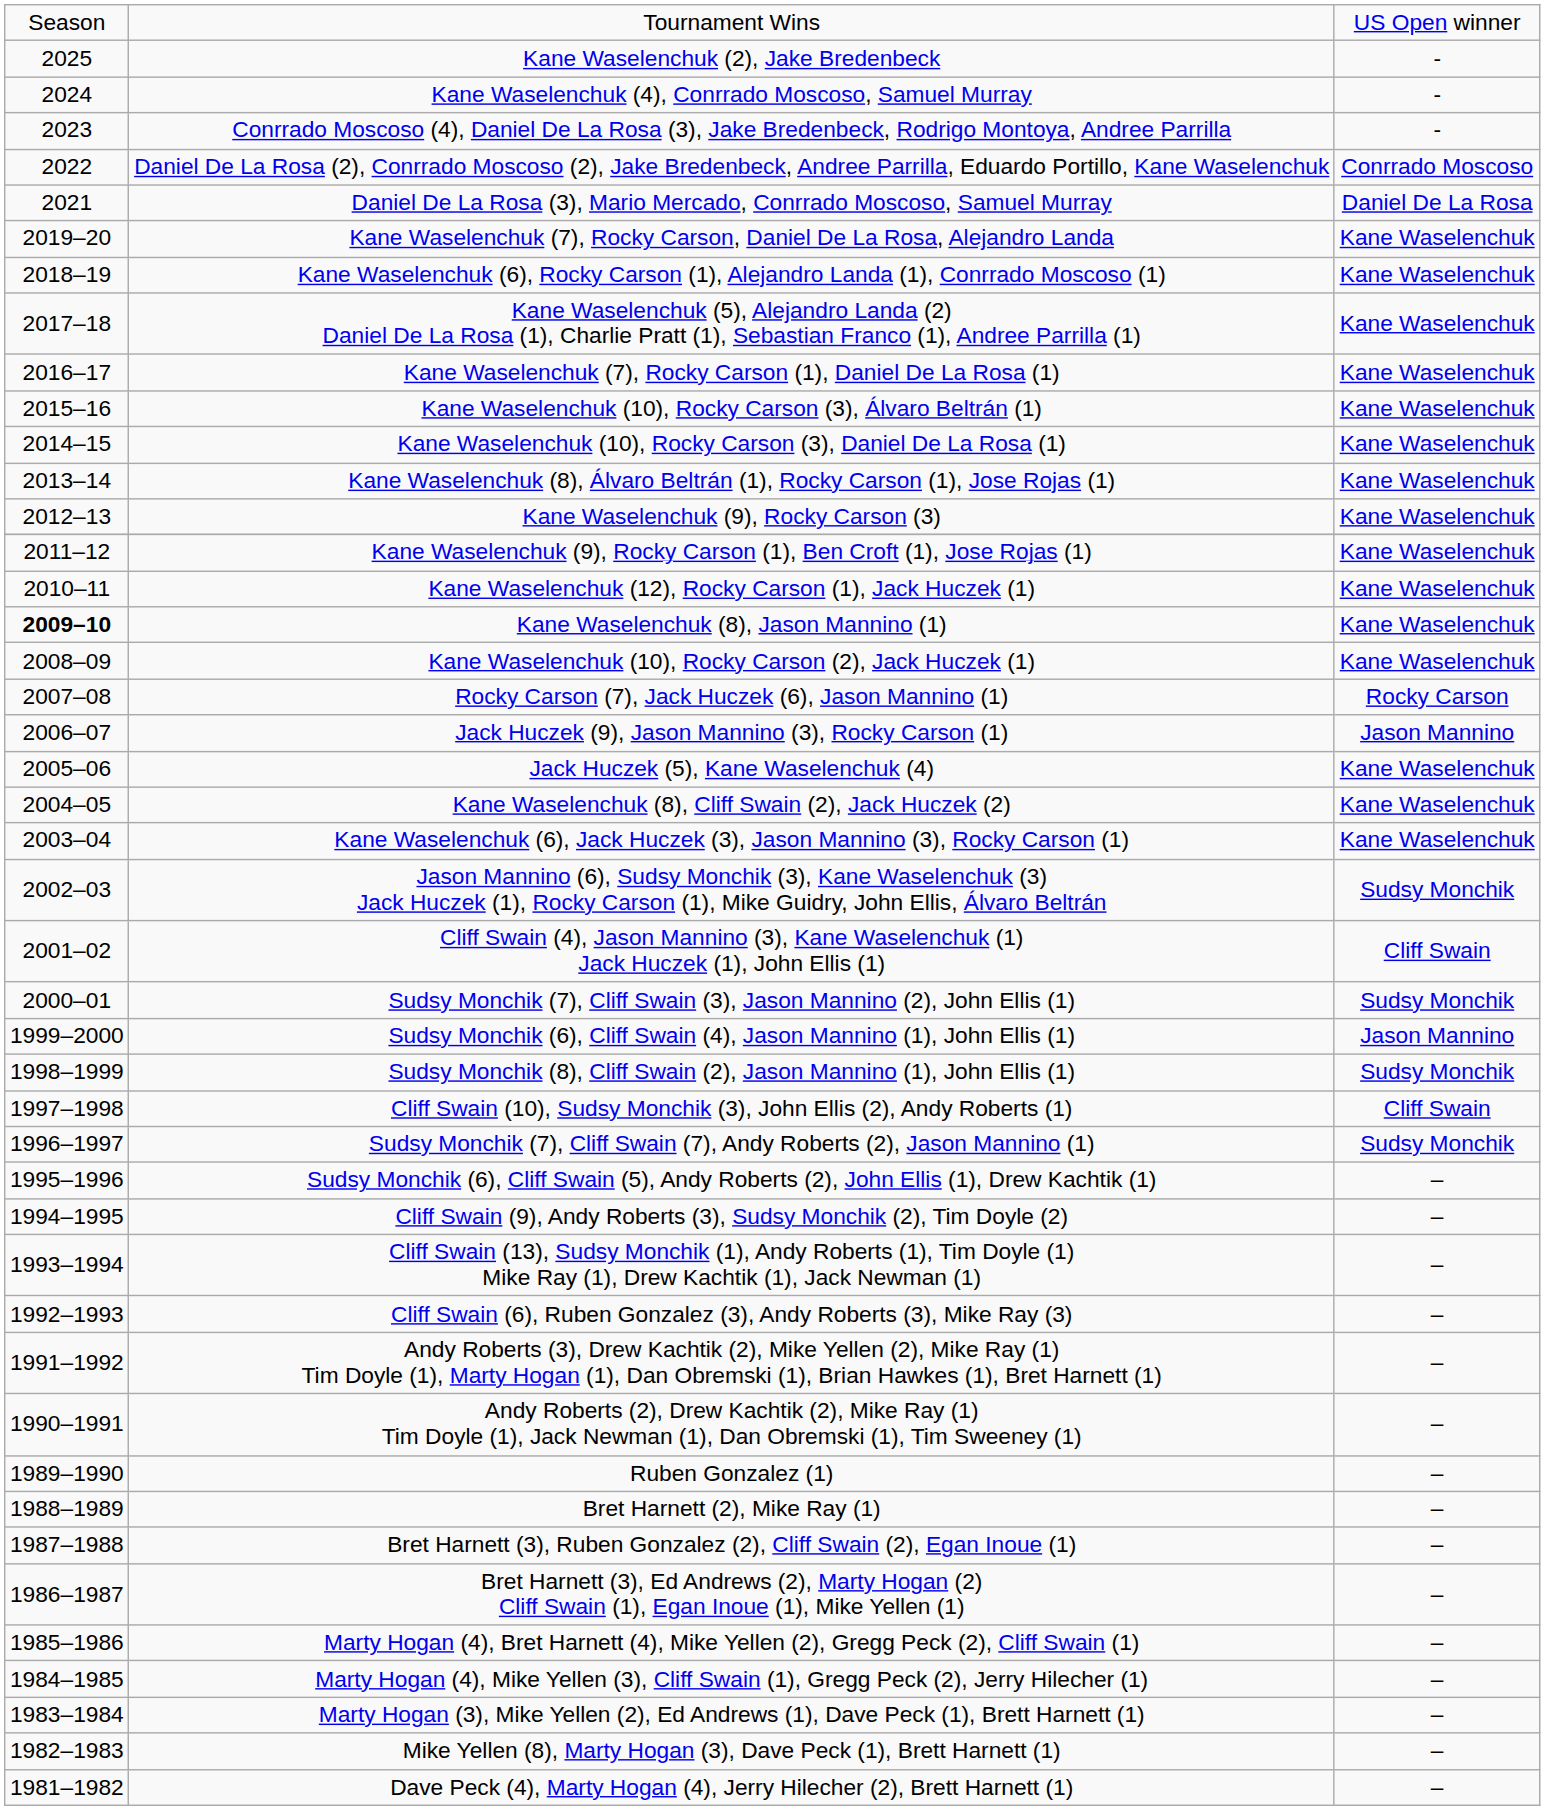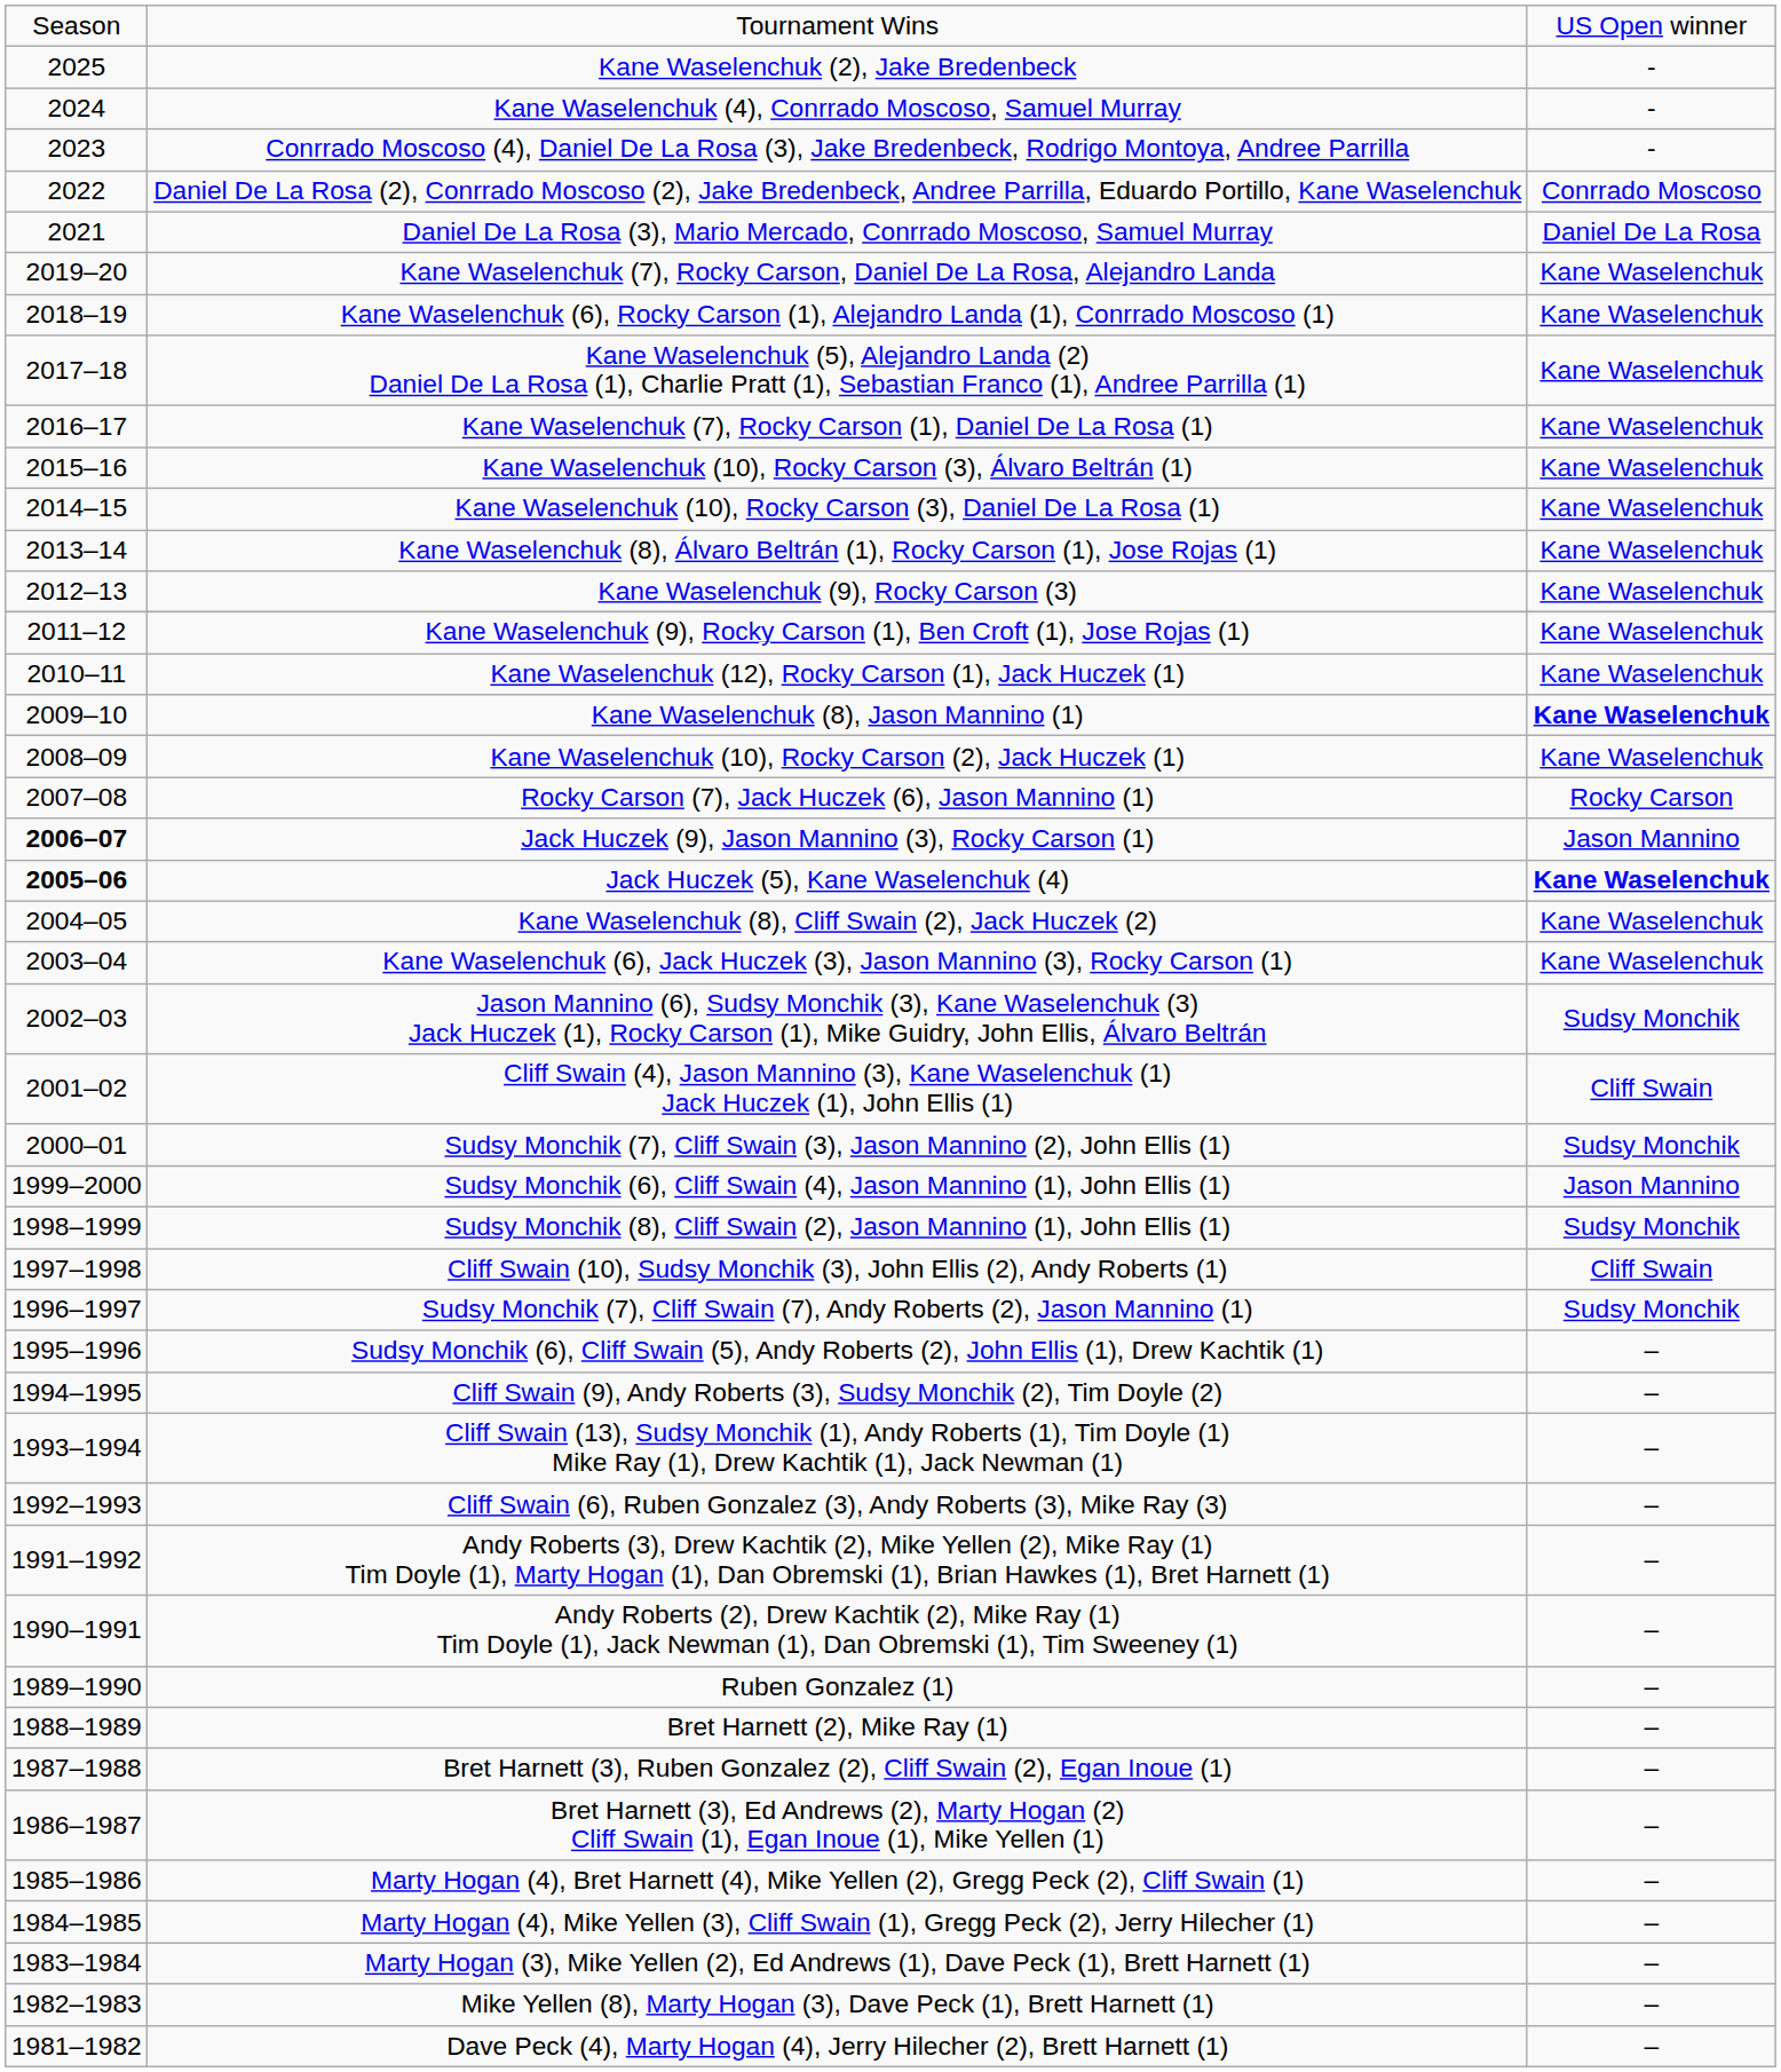 <table class="wikitable" | border="1" cellpadding="5" cellspacing="0">
 <tr>
 <td align=center>Season</td>
 <td align=center>Tournament Wins</td>
 <td align=center><a href='#'>US Open</a> winner</td>
 </tr>
 <tr>
 <td align=center>2025</td>
 <td align=center> <a href='#'>Kane Waselenchuk</a> (2),  <a href='#'>Jake Bredenbeck</a></td>
 <td align=center>-</td>
 </tr>
 <tr>
 <td align=center>2024</td>
 <td align=center> <a href='#'>Kane Waselenchuk</a> (4),  <a href='#'>Conrrado Moscoso</a>,  <a href='#'>Samuel Murray</a></td>
 <td align=center>-</td>
 </tr>
 <tr>
 <td align=center>2023</td>
 <td align=center> <a href='#'>Conrrado Moscoso</a> (4),  <a href='#'>Daniel De La Rosa</a> (3),  <a href='#'>Jake Bredenbeck</a>,  <a href='#'>Rodrigo Montoya</a>,  <a href='#'>Andree Parrilla</a></td>
 <td align=center>-</td>
 </tr>
 <tr>
 <td align=center>2022</td>
 <td align=center> <a href='#'>Daniel De La Rosa</a> (2),  <a href='#'>Conrrado Moscoso</a> (2),  <a href='#'>Jake Bredenbeck</a>,  <a href='#'>Andree Parrilla</a>,  Eduardo Portillo,  <a href='#'>Kane Waselenchuk</a></td>
 <td align=center> <a href='#'>Conrrado Moscoso</a></td>
 </tr>
 <tr>
 <td align=center>2021</td>
 <td align=center> <a href='#'>Daniel De La Rosa</a> (3),  <a href='#'>Mario Mercado</a>,  <a href='#'>Conrrado Moscoso</a>,  <a href='#'>Samuel Murray</a></td>
 <td align=center> <a href='#'>Daniel De La Rosa</a></td>
 </tr>
 <tr>
 <td align=center>2019–20</td>
 <td align=center> <a href='#'>Kane Waselenchuk</a> (7),  <a href='#'>Rocky Carson</a>,  <a href='#'>Daniel De La Rosa</a>,  <a href='#'>Alejandro Landa</a></td>
 <td align=center> <a href='#'>Kane Waselenchuk</a></td>
 </tr>
 <tr>
 <td align=center>2018–19</td>
 <td align=center> <a href='#'>Kane Waselenchuk</a> (6),  <a href='#'>Rocky Carson</a> (1),  <a href='#'>Alejandro Landa</a> (1),  <a href='#'>Conrrado Moscoso</a> (1)</td>
 <td align=center> <a href='#'>Kane Waselenchuk</a></td>
 </tr>
 <tr>
 <td align=center>2017–18</td>
 <td align=center> <a href='#'>Kane Waselenchuk</a> (5),  <a href='#'>Alejandro Landa</a> (2)<br> <a href='#'>Daniel De La Rosa</a> (1),  Charlie Pratt (1),  <a href='#'>Sebastian Franco</a> (1),  <a href='#'>Andree Parrilla</a> (1)</td>
 <td align=center> <a href='#'>Kane Waselenchuk</a></td>
 </tr>
 <tr>
 <td align=center>2016–17</td>
 <td align=center> <a href='#'>Kane Waselenchuk</a> (7),  <a href='#'>Rocky Carson</a> (1),  <a href='#'>Daniel De La Rosa</a> (1)</td>
 <td align=center> <a href='#'>Kane Waselenchuk</a></td>
 </tr>
 <tr>
 <td align=center>2015–16</td>
 <td align=center> <a href='#'>Kane Waselenchuk</a> (10),  <a href='#'>Rocky Carson</a> (3),  <a href='#'>Álvaro Beltrán</a> (1)</td>
 <td align=center> <a href='#'>Kane Waselenchuk</a></td>
 </tr>
 <tr>
 <td align=center>2014–15</td>
 <td align=center> <a href='#'>Kane Waselenchuk</a> (10),  <a href='#'>Rocky Carson</a> (3),  <a href='#'>Daniel De La Rosa</a> (1)</td>
 <td align=center> <a href='#'>Kane Waselenchuk</a></td>
 </tr>
 <tr>
 <td align=center>2013–14</td>
 <td align=center> <a href='#'>Kane Waselenchuk</a> (8),  <a href='#'>Álvaro Beltrán</a> (1),  <a href='#'>Rocky Carson</a> (1),  <a href='#'>Jose Rojas</a> (1)</td>
 <td align=center> <a href='#'>Kane Waselenchuk</a></td>
 </tr>
 <tr>
 <td align=center>2012–13</td>
 <td align=center> <a href='#'>Kane Waselenchuk</a> (9),  <a href='#'>Rocky Carson</a> (3)</td>
 <td align=center> <a href='#'>Kane Waselenchuk</a></td>
 </tr>
 <tr>
 </tr>
 <tr>
 <td align=center>2011–12</td>
 <td align=center> <a href='#'>Kane Waselenchuk</a> (9),  <a href='#'>Rocky Carson</a> (1),  <a href='#'>Ben Croft</a> (1),  <a href='#'>Jose Rojas</a> (1)</td>
 <td align=center> <a href='#'>Kane Waselenchuk</a></td>
 </tr>
 <tr>
 <td align=center>2010–11</td>
 <td align=center> <a href='#'>Kane Waselenchuk</a> (12),  <a href='#'>Rocky Carson</a> (1),  <a href='#'>Jack Huczek</a> (1)</td>
 <td align=center> <a href='#'>Kane Waselenchuk</a></td>
 </tr>
 <tr>
-<td align=center><strong>2009–10</strong></td>
+<td align=center>2009–10</td>
 <td align=center> <a href='#'>Kane Waselenchuk</a> (8),  <a href='#'>Jason Mannino</a> (1)</td>
-<td align=center> <a href='#'>Kane Waselenchuk</a></td>
+<td align=center><strong> <a href='#'>Kane Waselenchuk</a></strong></td>
 </tr>
 <tr>
 <td align=center>2008–09</td>
 <td align=center> <a href='#'>Kane Waselenchuk</a> (10),  <a href='#'>Rocky Carson</a> (2),  <a href='#'>Jack Huczek</a> (1)</td>
 <td align=center> <a href='#'>Kane Waselenchuk</a></td>
 </tr>
 <tr>
 <td align=center>2007–08</td>
 <td align=center> <a href='#'>Rocky Carson</a> (7),  <a href='#'>Jack Huczek</a> (6),  <a href='#'>Jason Mannino</a> (1)</td>
 <td align=center> <a href='#'>Rocky Carson</a></td>
 </tr>
 <tr>
-<td align=center>2006–07</td>
+<td align=center><strong>2006–07</strong></td>
 <td align=center> <a href='#'>Jack Huczek</a> (9),  <a href='#'>Jason Mannino</a> (3),  <a href='#'>Rocky Carson</a> (1)</td>
 <td align=center> <a href='#'>Jason Mannino</a></td>
 </tr>
 <tr>
-<td align=center>2005–06</td>
+<td align=center><strong>2005–06</strong></td>
 <td align=center> <a href='#'>Jack Huczek</a> (5),  <a href='#'>Kane Waselenchuk</a> (4)</td>
-<td align=center> <a href='#'>Kane Waselenchuk</a></td>
+<td align=center><strong> <a href='#'>Kane Waselenchuk</a></strong></td>
 </tr>
 <tr>
 <td align=center>2004–05</td>
 <td align=center> <a href='#'>Kane Waselenchuk</a> (8),  <a href='#'>Cliff Swain</a> (2),  <a href='#'>Jack Huczek</a> (2)</td>
 <td align=center> <a href='#'>Kane Waselenchuk</a></td>
 </tr>
 <tr>
 <td align=center>2003–04</td>
 <td align=center> <a href='#'>Kane Waselenchuk</a> (6),  <a href='#'>Jack Huczek</a> (3),  <a href='#'>Jason Mannino</a> (3),  <a href='#'>Rocky Carson</a> (1)</td>
 <td align=center> <a href='#'>Kane Waselenchuk</a></td>
 </tr>
 <tr>
 <td align=center>2002–03</td>
 <td align=center> <a href='#'>Jason Mannino</a> (6),  <a href='#'>Sudsy Monchik</a> (3),  <a href='#'>Kane Waselenchuk</a> (3)<br> <a href='#'>Jack Huczek</a> (1),  <a href='#'>Rocky Carson</a> (1),  Mike Guidry,  John Ellis,  <a href='#'>Álvaro Beltrán</a></td>
 <td align=center> <a href='#'>Sudsy Monchik</a></td>
 </tr>
 <tr>
 <td align=center>2001–02</td>
 <td align=center> <a href='#'>Cliff Swain</a> (4),  <a href='#'>Jason Mannino</a> (3),  <a href='#'>Kane Waselenchuk</a> (1)<br> <a href='#'>Jack Huczek</a> (1),  John Ellis (1)</td>
 <td align=center> <a href='#'>Cliff Swain</a></td>
 </tr>
 <tr>
 <td align=center>2000–01</td>
 <td align=center> <a href='#'>Sudsy Monchik</a> (7),  <a href='#'>Cliff Swain</a> (3),  <a href='#'>Jason Mannino</a> (2),  John Ellis (1)</td>
 <td align=center> <a href='#'>Sudsy Monchik</a></td>
 </tr>
 <tr>
 <td align=center>1999–2000</td>
 <td align=center> <a href='#'>Sudsy Monchik</a> (6),  <a href='#'>Cliff Swain</a> (4),  <a href='#'>Jason Mannino</a> (1),  John Ellis (1)</td>
 <td align=center> <a href='#'>Jason Mannino</a></td>
 </tr>
 <tr>
 <td align=center>1998–1999</td>
 <td align=center> <a href='#'>Sudsy Monchik</a> (8),  <a href='#'>Cliff Swain</a> (2),  <a href='#'>Jason Mannino</a> (1),  John Ellis (1)</td>
 <td align=center> <a href='#'>Sudsy Monchik</a></td>
 </tr>
 <tr>
 <td align=center>1997–1998</td>
 <td align=center> <a href='#'>Cliff Swain</a> (10),  <a href='#'>Sudsy Monchik</a> (3),  John Ellis (2),  Andy Roberts (1)</td>
 <td align=center> <a href='#'>Cliff Swain</a></td>
 </tr>
 <tr>
 <td align=center>1996–1997</td>
 <td align=center> <a href='#'>Sudsy Monchik</a> (7),  <a href='#'>Cliff Swain</a> (7),  Andy Roberts (2),  <a href='#'>Jason Mannino</a> (1)</td>
 <td align=center> <a href='#'>Sudsy Monchik</a></td>
 </tr>
 <tr>
 <td align=center>1995–1996</td>
 <td align=center> <a href='#'>Sudsy Monchik</a> (6),  <a href='#'>Cliff Swain</a> (5),  Andy Roberts (2),  <a href='#'>John Ellis</a> (1),  Drew Kachtik (1)</td>
 <td align=center>–</td>
 </tr>
 <tr>
 <td align=center>1994–1995</td>
 <td align=center> <a href='#'>Cliff Swain</a> (9),  Andy Roberts (3),  <a href='#'>Sudsy Monchik</a> (2),  Tim Doyle (2)</td>
 <td align=center>–</td>
 </tr>
 <tr>
 <td align=center>1993–1994</td>
 <td align=center> <a href='#'>Cliff Swain</a> (13),  <a href='#'>Sudsy Monchik</a> (1),  Andy Roberts (1),  Tim Doyle (1)<br> Mike Ray (1),  Drew Kachtik (1),  Jack Newman (1)</td>
 <td align=center>–</td>
 </tr>
 <tr>
 <td align=center>1992–1993</td>
 <td align=center> <a href='#'>Cliff Swain</a> (6),  Ruben Gonzalez (3),  Andy Roberts (3),  Mike Ray (3)</td>
 <td align=center>–</td>
 </tr>
 <tr>
 <td align=center>1991–1992</td>
 <td align=center> Andy Roberts (3),  Drew Kachtik (2),  Mike Yellen (2),  Mike Ray (1)<br>  Tim Doyle (1),  <a href='#'>Marty Hogan</a> (1),  Dan Obremski (1),  Brian Hawkes (1),  Bret Harnett (1)</td>
 <td align=center>–</td>
 </tr>
 <tr>
 <td align=center>1990–1991</td>
 <td align=center> Andy Roberts (2),  Drew Kachtik (2),  Mike Ray (1)<br> Tim Doyle (1),  Jack Newman (1),  Dan Obremski (1),  Tim Sweeney (1)</td>
 <td align=center>–</td>
 </tr>
 <tr>
 <td align=center>1989–1990</td>
 <td align=center> Ruben Gonzalez (1)</td>
 <td align=center>–</td>
 </tr>
 <tr>
 <td align=center>1988–1989</td>
 <td align=center> Bret Harnett (2),  Mike Ray (1)</td>
 <td align=center>–</td>
 </tr>
 <tr>
 <td align=center>1987–1988</td>
 <td align=center> Bret Harnett (3),  Ruben Gonzalez (2),  <a href='#'>Cliff Swain</a> (2),  <a href='#'>Egan Inoue</a> (1)</td>
 <td align=center>–</td>
 </tr>
 <tr>
 <td align=center>1986–1987</td>
 <td align=center> Bret Harnett (3),  Ed Andrews (2),  <a href='#'>Marty Hogan</a> (2)<br> <a href='#'>Cliff Swain</a> (1),  <a href='#'>Egan Inoue</a> (1),  Mike Yellen (1)</td>
 <td align=center>–</td>
 </tr>
 <tr>
 <td align=center>1985–1986</td>
 <td align=center> <a href='#'>Marty Hogan</a> (4),  Bret Harnett (4),  Mike Yellen (2),  Gregg Peck (2),  <a href='#'>Cliff Swain</a> (1)</td>
 <td align=center>–</td>
 </tr>
 <tr>
 <td align=center>1984–1985</td>
 <td align=center> <a href='#'>Marty Hogan</a> (4),  Mike Yellen (3),  <a href='#'>Cliff Swain</a> (1),  Gregg Peck (2),  Jerry Hilecher (1)</td>
 <td align=center>–</td>
 </tr>
 <tr>
 <td align=center>1983–1984</td>
 <td align=center> <a href='#'>Marty Hogan</a> (3),  Mike Yellen (2),  Ed Andrews (1),  Dave Peck (1),  Brett Harnett (1)</td>
 <td align=center>–</td>
 </tr>
 <tr>
 <td align=center>1982–1983</td>
 <td align=center> Mike Yellen (8),  <a href='#'>Marty Hogan</a> (3),  Dave Peck (1),  Brett Harnett (1)</td>
 <td align=center>–</td>
 </tr>
 <tr>
 <td align=center>1981–1982</td>
 <td align=center> Dave Peck (4),  <a href='#'>Marty Hogan</a> (4),  Jerry Hilecher (2),  Brett Harnett (1)</td>
 <td align=center>–</td>
 </tr>
 </table>
